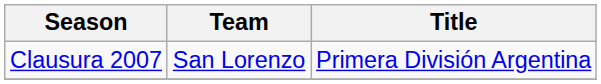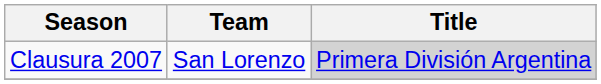 <table class="wikitable">
 <tr>
 <th>Season</th>
 <th>Team</th>
 <th>Title</th>
 </tr>
 <tr>
 <td><a href='#'>Clausura 2007</a></td>
 <td><a href='#'>San Lorenzo</a></td>
-<td><a href='#'>Primera División Argentina</a></td>
+<td style="background: lightgrey;"><a href='#'>Primera División Argentina</a></td>
 </tr>
 <tr>
 </tr>
 </table>
